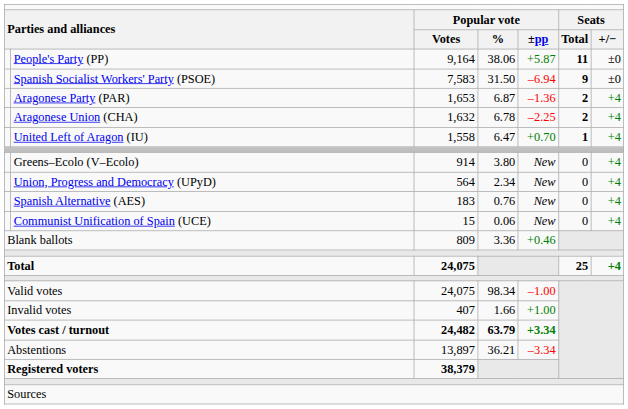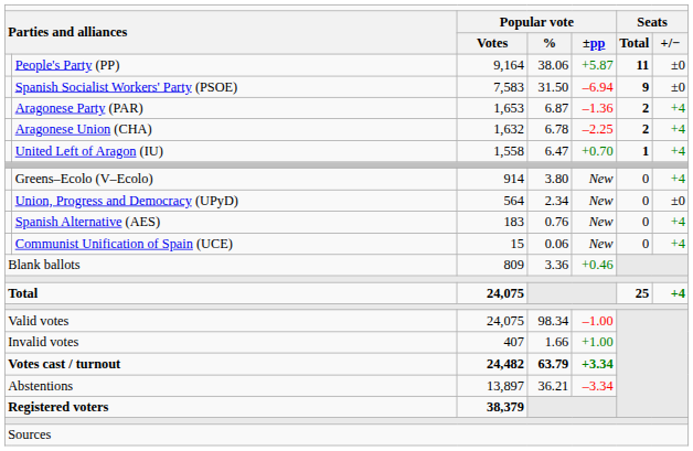 <table class="wikitable" style="text-align:right;">
 <tr>
 <td colspan="7"></td>
 </tr>
 <tr>
 <th style="text-align:left;" rowspan="2" colspan="2" width="525">Parties and alliances</th>
 <th colspan="3">Popular vote</th>
 <th colspan="2">Seats</th>
 </tr>
 <tr>
 <th width="75">Votes</th>
 <th width="45">%</th>
 <th width="45">±<a href='#'>pp</a></th>
 <th width="35">Total</th>
 <th width="35">+/−</th>
 </tr>
 <tr>
 <td width="1" style="color:inherit;background:"></td>
 <td align="left"><a href='#'>People's Party</a> (PP)</td>
 <td>9,164</td>
 <td>38.06</td>
 <td style="color:green;">+5.87</td>
 <td><strong>11</strong></td>
 <td>±0</td>
 </tr>
 <tr>
 <td style="color:inherit;background:"></td>
 <td align="left"><a href='#'>Spanish Socialist Workers' Party</a> (PSOE)</td>
 <td>7,583</td>
 <td>31.50</td>
 <td style="color:red;">–6.94</td>
 <td><strong>9</strong></td>
 <td>±0</td>
 </tr>
 <tr>
 <td style="color:inherit;background:"></td>
 <td align="left"><a href='#'>Aragonese Party</a> (PAR)</td>
 <td>1,653</td>
 <td>6.87</td>
 <td style="color:red;">–1.36</td>
 <td><strong>2</strong></td>
 <td style="color:green;">+4</td>
 </tr>
 <tr>
 <td style="color:inherit;background:"></td>
 <td align="left"><a href='#'>Aragonese Union</a> (CHA)</td>
 <td>1,632</td>
 <td>6.78</td>
 <td style="color:red;">–2.25</td>
 <td><strong>2</strong></td>
 <td style="color:green;">+4</td>
 </tr>
 <tr>
 <td style="color:inherit;background:"></td>
 <td align="left"><a href='#'>United Left of Aragon</a> (IU)</td>
 <td>1,558</td>
 <td>6.47</td>
 <td style="color:green;">+0.70</td>
 <td><strong>1</strong></td>
 <td style="color:green;">+4</td>
 </tr>
 <tr>
 <td colspan="7" bgcolor="#C0C0C0"></td>
 </tr>
 <tr>
 <td style="color:inherit;background:"></td>
 <td align="left">Greens–Ecolo (V–Ecolo)</td>
 <td>914</td>
 <td>3.80</td>
 <td><em>New</em></td>
 <td>0</td>
 <td style="color:green;">+4</td>
 </tr>
 <tr>
 <td style="color:inherit;background:"></td>
 <td align="left"><a href='#'>Union, Progress and Democracy</a> (UPyD)</td>
 <td>564</td>
 <td>2.34</td>
 <td><em>New</em></td>
 <td>0</td>
-<td style="color:green;">+4</td>
+<td>±0</td>
 </tr>
 <tr>
 <td style="color:inherit;background:"></td>
 <td align="left"><a href='#'>Spanish Alternative</a> (AES)</td>
 <td>183</td>
 <td>0.76</td>
 <td><em>New</em></td>
 <td>0</td>
 <td style="color:green;">+4</td>
 </tr>
 <tr>
 <td style="color:inherit;background:"></td>
 <td align="left"><a href='#'>Communist Unification of Spain</a> (UCE)</td>
 <td>15</td>
 <td>0.06</td>
 <td><em>New</em></td>
 <td>0</td>
 <td style="color:green;">+4</td>
 </tr>
 <tr>
 <td align="left" colspan="2">Blank ballots</td>
 <td>809</td>
 <td>3.36</td>
 <td style="color:green;">+0.46</td>
 <td bgcolor="#E9E9E9" colspan="2"></td>
 </tr>
 <tr>
 <td colspan="7" bgcolor="#E9E9E9"></td>
 </tr>
 <tr style="font-weight:bold;">
 <td align="left" colspan="2">Total</td>
 <td>24,075</td>
 <td bgcolor="#E9E9E9" colspan="2"></td>
 <td>25</td>
 <td style="color:green;">+4</td>
 </tr>
 <tr>
 <td colspan="7" bgcolor="#E9E9E9"></td>
 </tr>
 <tr>
 <td align="left" colspan="2">Valid votes</td>
 <td>24,075</td>
 <td>98.34</td>
 <td style="color:red;">–1.00</td>
 <td bgcolor="#E9E9E9" colspan="2" rowspan="5"></td>
 </tr>
 <tr>
 <td align="left" colspan="2">Invalid votes</td>
 <td>407</td>
 <td>1.66</td>
 <td style="color:green;">+1.00</td>
 </tr>
 <tr style="font-weight:bold;">
 <td align="left" colspan="2">Votes cast / turnout</td>
 <td>24,482</td>
 <td>63.79</td>
 <td style="color:green;">+3.34</td>
 </tr>
 <tr>
 <td align="left" colspan="2">Abstentions</td>
 <td>13,897</td>
 <td>36.21</td>
 <td style="color:red;">–3.34</td>
 </tr>
 <tr style="font-weight:bold;">
 <td align="left" colspan="2">Registered voters</td>
 <td>38,379</td>
 <td bgcolor="#E9E9E9" colspan="2"></td>
 </tr>
 <tr>
 <td colspan="7" bgcolor="#E9E9E9"></td>
 </tr>
 <tr>
 <td align="left" colspan="7">Sources</td>
 </tr>
 </table>
